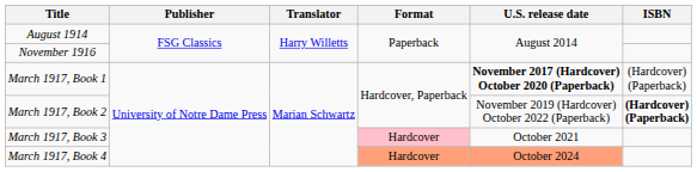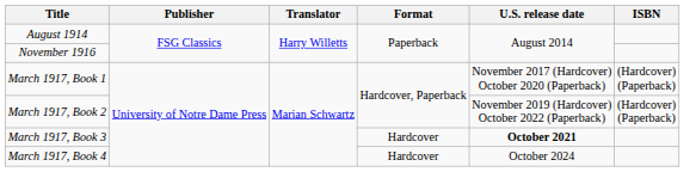 <table class="wikitable plainrowheaders" style="text-align:center;">
 <tr>
 <th>Title</th>
 <th>Publisher</th>
 <th>Translator</th>
 <th scope="col">Format</th>
 <th scope="col">U.S. release date</th>
 <th scope="col">ISBN</th>
 </tr>
 <tr>
 <td><em>August 1914</em></td>
 <td rowspan="2"><a href='#'>FSG Classics</a></td>
 <td rowspan="2"><a href='#'>Harry Willetts</a></td>
 <td rowspan="2">Paperback</td>
 <td rowspan="2">August 2014</td>
 <td></td>
 </tr>
 <tr>
 <td><em>November 1916</em></td>
 <td></td>
 </tr>
 <tr>
 <td><em>March 1917, Book 1</em></td>
 <td rowspan="4"><a href='#'>University of Notre Dame Press</a></td>
 <td rowspan="4"><a href='#'>Marian Schwartz</a></td>
 <td rowspan="2">Hardcover, Paperback</td>
-<td><strong>November 2017 (Hardcover)<br>October 2020 (Paperback)</strong></td>
+<td>November 2017 (Hardcover)<br>October 2020 (Paperback)</td>
 <td> (Hardcover)<br> (Paperback)</td>
 </tr>
 <tr>
 <td><em>March 1917, Book 2</em></td>
 <td>November 2019 (Hardcover)<br>October 2022 (Paperback)</td>
-<td><strong> (Hardcover)<br> (Paperback)</strong></td>
+<td> (Hardcover)<br> (Paperback)</td>
 </tr>
 <tr>
 <td><em>March 1917, Book 3</em></td>
-<td style="background: pink;">Hardcover</td>
-<td>October 2021</td>
+<td>Hardcover</td>
+<td><strong>October 2021</strong></td>
 <td></td>
 </tr>
 <tr>
 <td><em>March 1917, Book 4</em></td>
-<td style="background: lightsalmon;">Hardcover</td>
-<td style="background: lightsalmon;">October 2024</td>
+<td>Hardcover</td>
+<td>October 2024</td>
 <td></td>
 </tr>
 </table>
